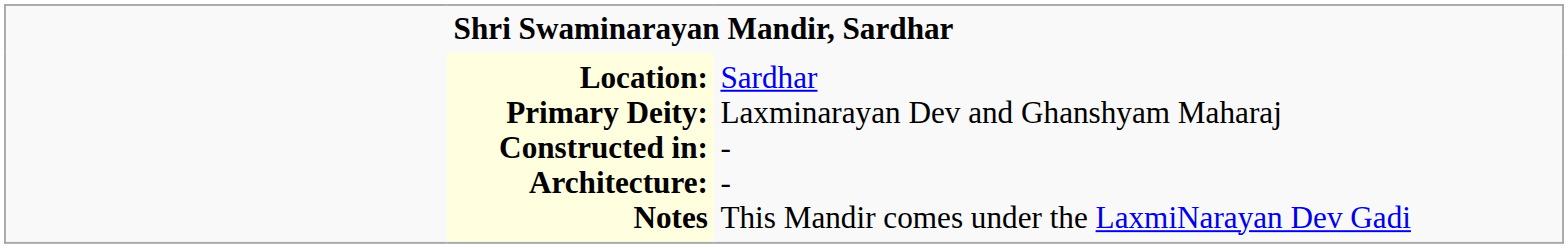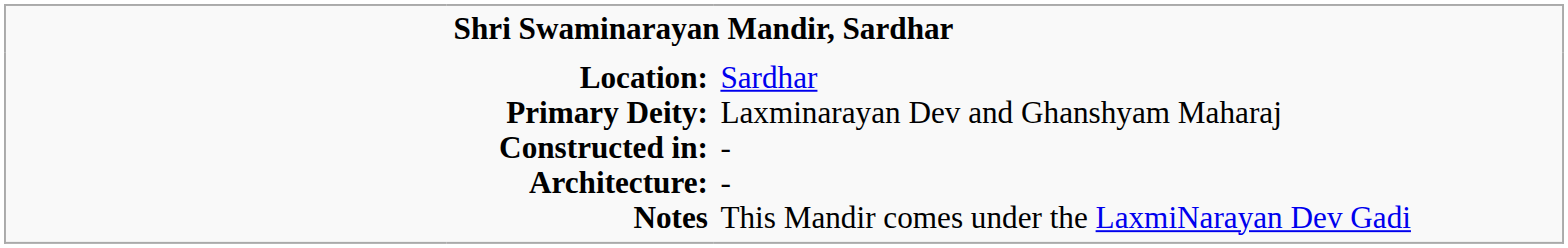 <table class="wikitable plain" border="0" width="800">
 <tr>
 <td width="220px" rowspan="2" style="border:none;"></td>
 <td valign="top" colspan=2 style="border:none;"><strong>Shri Swaminarayan Mandir, Sardhar</strong></td>
 </tr>
 <tr>
-<td valign="top" style="background: lightyellow; text-align:right; border:none;"><strong>Location:</strong> <br><strong>Primary Deity:</strong><br><strong>Constructed in:</strong><br><strong>Architecture:</strong><br><strong>Notes</strong></td>
+<td valign="top" style="text-align:right; border:none;"><strong>Location:</strong> <br><strong>Primary Deity:</strong><br><strong>Constructed in:</strong><br><strong>Architecture:</strong><br><strong>Notes</strong></td>
 <td valign="top" style="border:none;"><a href='#'>Sardhar</a> <br>Laxminarayan Dev and Ghanshyam Maharaj <br>- <br>- <br>This Mandir comes under the <a href='#'>LaxmiNarayan Dev Gadi</a></td>
 </tr>
 </table>
